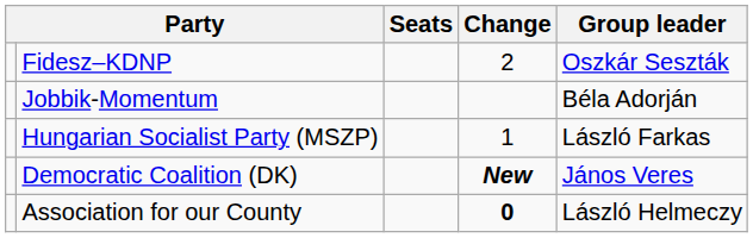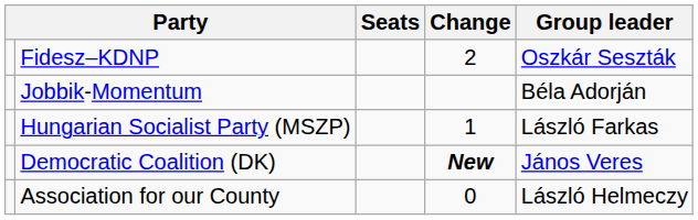 <table class="wikitable">
 <tr>
 <th colspan=2>Party</th>
 <th>Seats</th>
 <th>Change</th>
 <th>Group leader</th>
 </tr>
 <tr>
 <td bgcolor=></td>
 <td><a href='#'>Fidesz–KDNP</a></td>
 <td style="text-align:center"></td>
 <td align="center"> 2</td>
 <td><a href='#'>Oszkár Seszták</a></td>
 </tr>
 <tr>
 <td bgcolor=></td>
 <td><a href='#'>Jobbik</a>-<a href='#'>Momentum</a></td>
 <td style="text-align:center"></td>
 <td align="center"></td>
 <td>Béla Adorján</td>
 </tr>
 <tr>
 <td bgcolor=></td>
 <td><a href='#'>Hungarian Socialist Party</a> (MSZP)</td>
 <td style="text-align:center"></td>
 <td align="center"> 1</td>
 <td>László Farkas</td>
 </tr>
 <tr>
 <td bgcolor=></td>
 <td><a href='#'>Democratic Coalition</a> (DK)</td>
 <td style="text-align:center"></td>
 <td align="center"><strong><em>New</em></strong></td>
 <td><a href='#'>János Veres</a></td>
 </tr>
 <tr>
 <td bgcolor=></td>
 <td>Association for our County</td>
 <td style="text-align:center"></td>
-<td align="center"><strong> 0</strong></td>
+<td align="center"> 0</td>
 <td>László Helmeczy</td>
 </tr>
 </table>
